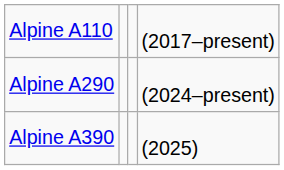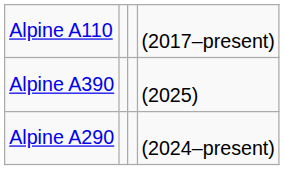 <table class="wikitable">
 <tr>
 <td><a href='#'>Alpine A110</a></td>
 <td></td>
 <td></td>
 <td><br>(2017–present)</td>
 </tr>
 <tr>
+<td><a href='#'>Alpine A390</a></td>
+<td></td>
+<td></td>
+<td><br>(2025)</td>
+</tr>
+<tr>
 <td><a href='#'>Alpine A290</a></td>
 <td></td>
 <td></td>
 <td><br>(2024–present)</td>
 </tr>
-<tr>
-<td><a href='#'>Alpine A390</a></td>
-<td></td>
-<td></td>
-<td><br>(2025)</td>
-</tr>
 </table>
